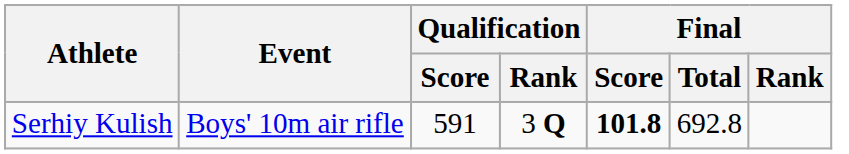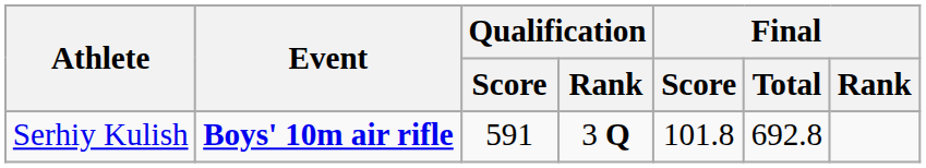 <table class="wikitable" style="font-size:90%">
 <tr>
 <th rowspan="2">Athlete</th>
 <th rowspan="2">Event</th>
 <th colspan="2">Qualification</th>
 <th colspan="3">Final</th>
 </tr>
 <tr>
 <th>Score</th>
 <th>Rank</th>
 <th>Score</th>
 <th>Total</th>
 <th>Rank</th>
 </tr>
 <tr>
 <td><a href='#'>Serhiy Kulish</a></td>
-<td><a href='#'>Boys' 10m air rifle</a></td>
+<td><strong><a href='#'>Boys' 10m air rifle</a></strong></td>
 <td align=center>591</td>
 <td align=center>3 <strong>Q</strong></td>
-<td align=center><strong>101.8</strong></td>
+<td align=center>101.8</td>
 <td align=center>692.8</td>
 <td align=center></td>
 </tr>
 </table>
